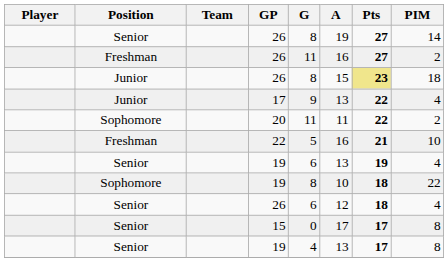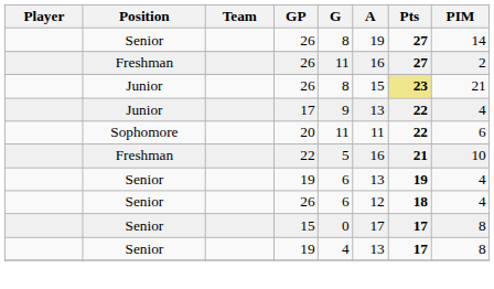 <table class="wikitable sortable" style="text-align: center; "width=60%">
 <tr>
 <th>Player</th>
 <th>Position</th>
 <th>Team</th>
 <th>GP</th>
 <th>G</th>
 <th>A</th>
 <th>Pts</th>
 <th>PIM</th>
 </tr>
 <tr>
 <td style="text-align: left"></td>
 <td>Senior</td>
 <td><strong><a href='#'></a></strong></td>
 <td style="text-align: right">26</td>
 <td style="text-align: right">8</td>
 <td style="text-align: right">19</td>
 <td style="text-align: right"><strong>27</strong></td>
 <td style="text-align: right">14</td>
 </tr>
 <tr bgcolor=f0f0f0>
 <td style="text-align: left"></td>
 <td>Freshman</td>
 <td><strong><a href='#'></a></strong></td>
 <td style="text-align: right">26</td>
 <td style="text-align: right">11</td>
 <td style="text-align: right">16</td>
 <td style="text-align: right"><strong>27</strong></td>
 <td style="text-align: right">2</td>
 </tr>
 <tr>
 <td style="text-align: left"></td>
 <td>Junior</td>
 <td><strong><a href='#'></a></strong></td>
 <td style="text-align: right">26</td>
 <td style="text-align: right">8</td>
 <td style="text-align: right">15</td>
 <td style="background: khaki; text-align: right"><strong>23</strong></td>
-<td style="text-align: right">18</td>
+<td style="text-align: right">21</td>
 </tr>
 <tr bgcolor=f0f0f0>
 <td style="text-align: left"></td>
 <td>Junior</td>
 <td><strong><a href='#'></a></strong></td>
 <td style="text-align: right">17</td>
 <td style="text-align: right">9</td>
 <td style="text-align: right">13</td>
 <td style="text-align: right"><strong>22</strong></td>
 <td style="text-align: right">4</td>
 </tr>
 <tr>
 <td style="text-align: left"></td>
 <td>Sophomore</td>
 <td><strong><a href='#'></a></strong></td>
 <td style="text-align: right">20</td>
 <td style="text-align: right">11</td>
 <td style="text-align: right">11</td>
 <td style="text-align: right"><strong>22</strong></td>
-<td style="text-align: right">2</td>
+<td style="text-align: right">6</td>
 </tr>
 <tr bgcolor=f0f0f0>
 <td style="text-align: left"></td>
 <td>Freshman</td>
 <td><strong><a href='#'></a></strong></td>
 <td style="text-align: right">22</td>
 <td style="text-align: right">5</td>
 <td style="text-align: right">16</td>
 <td style="text-align: right"><strong>21</strong></td>
 <td style="text-align: right">10</td>
 </tr>
 <tr>
 <td style="text-align: left"></td>
 <td>Senior</td>
 <td><strong><a href='#'></a></strong></td>
 <td style="text-align: right">19</td>
 <td style="text-align: right">6</td>
 <td style="text-align: right">13</td>
 <td style="text-align: right"><strong>19</strong></td>
 <td style="text-align: right">4</td>
-</tr>
-<tr bgcolor=f0f0f0>
-<td style="text-align: left"></td>
-<td>Sophomore</td>
-<td><strong><a href='#'></a></strong></td>
-<td style="text-align: right">19</td>
-<td style="text-align: right">8</td>
-<td style="text-align: right">10</td>
-<td style="text-align: right"><strong>18</strong></td>
-<td style="text-align: right">22</td>
 </tr>
 <tr>
 <td style="text-align: left"></td>
 <td>Senior</td>
 <td><strong><a href='#'></a></strong></td>
 <td style="text-align: right">26</td>
 <td style="text-align: right">6</td>
 <td style="text-align: right">12</td>
 <td style="text-align: right"><strong>18</strong></td>
 <td style="text-align: right">4</td>
 </tr>
 <tr bgcolor=f0f0f0>
 <td style="text-align: left"></td>
 <td>Senior</td>
 <td><strong><a href='#'></a></strong></td>
 <td style="text-align: right">15</td>
 <td style="text-align: right">0</td>
 <td style="text-align: right">17</td>
 <td style="text-align: right"><strong>17</strong></td>
 <td style="text-align: right">8</td>
 </tr>
 <tr>
 <td style="text-align: left"></td>
 <td>Senior</td>
 <td><strong><a href='#'></a></strong></td>
 <td style="text-align: right">19</td>
 <td style="text-align: right">4</td>
 <td style="text-align: right">13</td>
 <td style="text-align: right"><strong>17</strong></td>
 <td style="text-align: right">8</td>
 </tr>
 <tr>
 </tr>
 </table>
